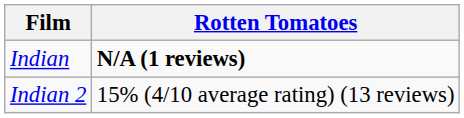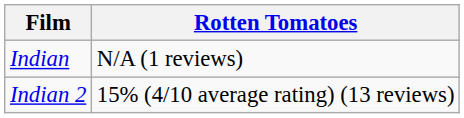 <table class="wikitable sortable">
 <tr>
 <th>Film</th>
 <th><a href='#'>Rotten Tomatoes</a></th>
 </tr>
 <tr>
 <td><a href='#'><em>Indian</em></a></td>
-<td><strong>N/A (1 reviews)</strong></td>
+<td>N/A (1 reviews)</td>
 </tr>
 <tr>
 <td><a href='#'><em>Indian 2</em></a></td>
 <td>15% (4/10 average rating) (13 reviews)</td>
 </tr>
 </table>
